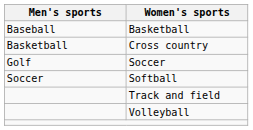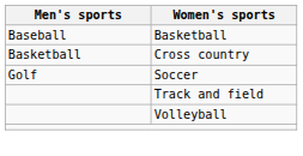 <table class="wikitable"; style= "text-align: ">
 <tr>
 <th width=150px>Men's sports</th>
 <th width=150px>Women's sports</th>
 </tr>
 <tr>
 <td>Baseball</td>
 <td>Basketball</td>
 </tr>
 <tr>
 <td>Basketball</td>
 <td>Cross country</td>
 </tr>
 <tr>
 <td>Golf</td>
 <td>Soccer</td>
 </tr>
 <tr>
-<td>Soccer</td>
-<td>Softball</td>
-</tr>
-<tr>
 <td></td>
 <td>Track and field</td>
 </tr>
 <tr>
 <td></td>
 <td>Volleyball</td>
 </tr>
 <tr>
 <td colspan="2"></td>
 </tr>
 </table>
